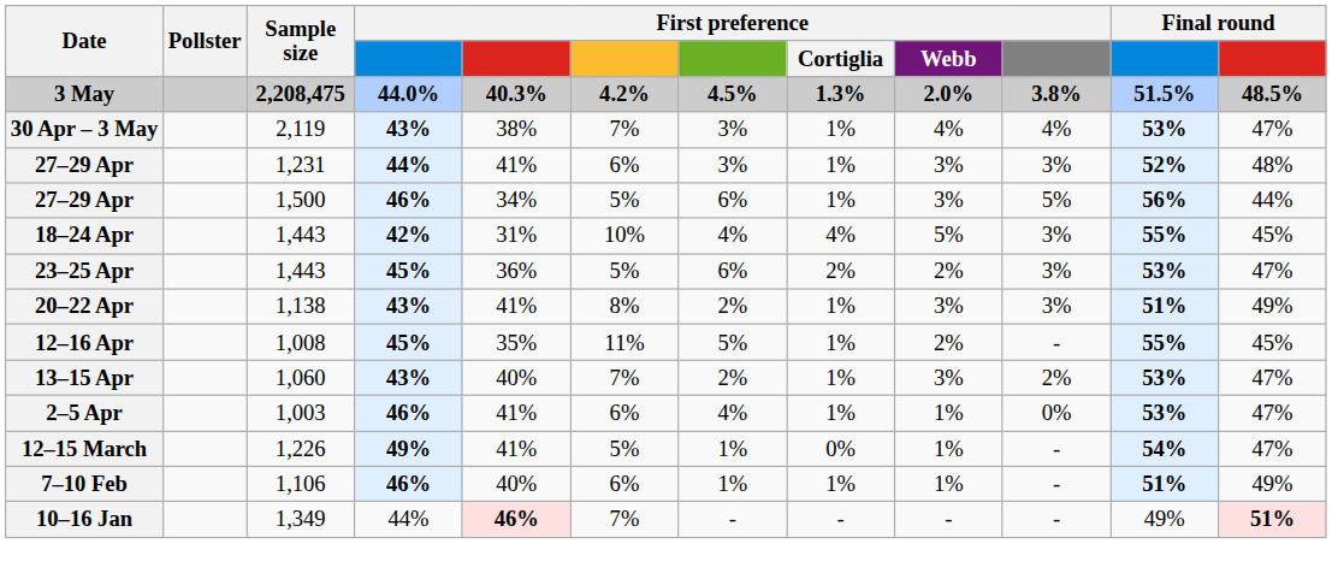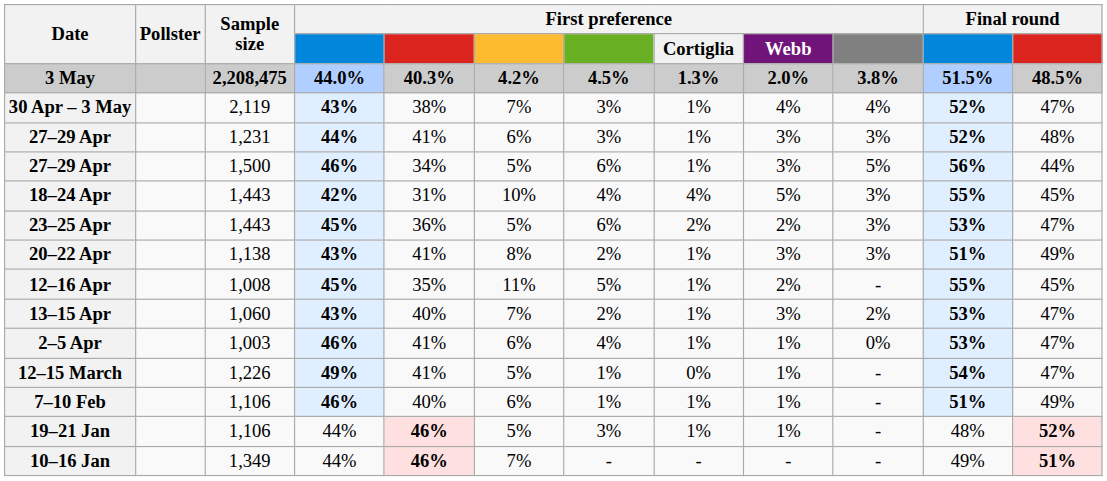 <table class="wikitable sortable" style="text-align:center;">
 <tr>
 <th rowspan="2">Date</th>
 <th rowspan="2">Pollster</th>
 <th rowspan="2" class="unsortable" style="width:70px;">Sample size</th>
 <th colspan="7">First preference</th>
 <th colspan="2">Final round</th>
 </tr>
 <tr>
 <th class="unsortable" style="width:70px; background:#0087dc; color:white;"><a href='#'></a></th>
 <th class="unsortable" style="width:70px; background:#dc241f; color:white;"><a href='#'></a></th>
 <th class="unsortable" style="width:70px; background:#fdbb30; color:black;"><a href='#'></a></th>
 <th class="unsortable" style="width:70px; background:#6ab023; color:white;"><a href='#'></a></th>
 <th class="unsortable" style="width:70px; background:">Cortiglia</th>
 <th class="unsortable" style="width:70px; background:#70147a; color:white;">Webb</th>
 <th class="unsortable" style="width:70px; background:gray; color:white;"><a href='#'></a></th>
 <th class="unsortable" style="width:70px; background:#0087dc; color:white;"><a href='#'></a></th>
 <th class="unsortable" style="width:70px; background:#dc241f; color:white;"><a href='#'></a></th>
 </tr>
 <tr style="background:#ccc; font-weight:bold;">
 <th style="background:#ccc;">3 May</th>
 <td></td>
 <td>2,208,475</td>
 <td style="background:#B0CEFF;">44.0%</td>
 <td>40.3%</td>
 <td>4.2%</td>
 <td>4.5%</td>
 <td>1.3%</td>
 <td>2.0%</td>
 <td>3.8%</td>
 <td style="background:#B0CEFF;">51.5%</td>
 <td>48.5%</td>
 </tr>
 <tr>
 <th>30 Apr – 3 May</th>
 <td></td>
 <td>2,119</td>
 <td style="background:#e0efff; font-weight:bold;">43%</td>
 <td>38%</td>
 <td>7%</td>
 <td>3%</td>
 <td>1%</td>
 <td>4%</td>
 <td>4%</td>
-<td style="background:#e0efff; font-weight:bold;">53%</td>
+<td style="background:#e0efff; font-weight:bold;">52%</td>
 <td>47%</td>
 </tr>
 <tr>
 <th>27–29 Apr</th>
 <td></td>
 <td>1,231</td>
 <td style="background:#e0efff; font-weight:bold;">44%</td>
 <td>41%</td>
 <td>6%</td>
 <td>3%</td>
 <td>1%</td>
 <td>3%</td>
 <td>3%</td>
 <td style="background:#e0efff; font-weight:bold;">52%</td>
 <td>48%</td>
 </tr>
 <tr>
 <th>27–29 Apr</th>
 <td> </td>
 <td>1,500</td>
 <td style="background:#e0efff; font-weight:bold;">46%</td>
 <td>34%</td>
 <td>5%</td>
 <td>6%</td>
 <td>1%</td>
 <td>3%</td>
 <td>5%</td>
 <td style="background:#e0efff; font-weight:bold;">56%</td>
 <td>44%</td>
 </tr>
 <tr>
 <th>18–24 Apr</th>
 <td></td>
 <td>1,443</td>
 <td style="background:#e0efff; font-weight:bold;">42%</td>
 <td>31%</td>
 <td>10%</td>
 <td>4%</td>
 <td>4%</td>
 <td>5%</td>
 <td>3%</td>
 <td style="background:#e0efff; font-weight:bold;">55%</td>
 <td>45%</td>
 </tr>
 <tr>
 <th>23–25 Apr</th>
 <td> </td>
 <td>1,443</td>
 <td style="background:#e0efff; font-weight:bold;">45%</td>
 <td>36%</td>
 <td>5%</td>
 <td>6%</td>
 <td>2%</td>
 <td>2%</td>
 <td>3%</td>
 <td style="background:#e0efff; font-weight:bold;">53%</td>
 <td>47%</td>
 </tr>
 <tr>
 <th>20–22 Apr</th>
 <td></td>
 <td>1,138</td>
 <td style="background:#e0efff; font-weight:bold;">43%</td>
 <td>41%</td>
 <td>8%</td>
 <td>2%</td>
 <td>1%</td>
 <td>3%</td>
 <td>3%</td>
 <td style="background:#e0efff; font-weight:bold;">51%</td>
 <td>49%</td>
 </tr>
 <tr>
 <th>12–16 Apr</th>
 <td> </td>
 <td>1,008</td>
 <td style="background:#e0efff; font-weight:bold;">45%</td>
 <td>35%</td>
 <td>11%</td>
 <td>5%</td>
 <td>1%</td>
 <td>2%</td>
 <td>-</td>
 <td style="background:#e0efff; font-weight:bold;">55%</td>
 <td>45%</td>
 </tr>
 <tr>
 <th>13–15 Apr</th>
 <td></td>
 <td>1,060</td>
 <td style="background:#e0efff; font-weight:bold;">43%</td>
 <td>40%</td>
 <td>7%</td>
 <td>2%</td>
 <td>1%</td>
 <td>3%</td>
 <td>2%</td>
 <td style="background:#e0efff; font-weight:bold;">53%</td>
 <td>47%</td>
 </tr>
 <tr>
 <th>2–5 Apr</th>
 <td> </td>
 <td>1,003</td>
 <td style="background:#e0efff; font-weight:bold;">46%</td>
 <td>41%</td>
 <td>6%</td>
 <td>4%</td>
 <td>1%</td>
 <td>1%</td>
 <td>0%</td>
 <td style="background:#e0efff; font-weight:bold;">53%</td>
 <td>47%</td>
 </tr>
 <tr>
 <th>12–15 March</th>
 <td></td>
 <td>1,226</td>
 <td style="background:#e0efff; font-weight:bold;">49%</td>
 <td>41%</td>
 <td>5%</td>
 <td>1%</td>
 <td>0%</td>
 <td>1%</td>
 <td>-</td>
 <td style="background:#e0efff; font-weight:bold;">54%</td>
 <td>47%</td>
 </tr>
 <tr>
 <th>7–10 Feb</th>
 <td></td>
 <td>1,106</td>
 <td style="background:#e0efff; font-weight:bold;">46%</td>
 <td>40%</td>
 <td>6%</td>
 <td>1%</td>
 <td>1%</td>
 <td>1%</td>
 <td>-</td>
 <td style="background:#e0efff; font-weight:bold;">51%</td>
 <td>49%</td>
 </tr>
 <tr>
+<th>19–21 Jan</th>
+<td> </td>
+<td>1,106</td>
+<td>44%</td>
+<td style="background:#ffe0e0; font-weight:bold;">46%</td>
+<td>5%</td>
+<td>3%</td>
+<td>1%</td>
+<td>1%</td>
+<td>-</td>
+<td>48%</td>
+<td style="background:#ffe0e0; font-weight:bold;">52%</td>
+</tr>
+<tr>
 <th>10–16 Jan</th>
 <td></td>
 <td>1,349</td>
 <td>44%</td>
 <td style="background:#ffe0e0; font-weight:bold;">46%</td>
 <td>7%</td>
 <td>-</td>
 <td>-</td>
 <td>-</td>
 <td>-</td>
 <td>49%</td>
 <td style="background:#ffe0e0; font-weight:bold;">51%</td>
 </tr>
 </table>
